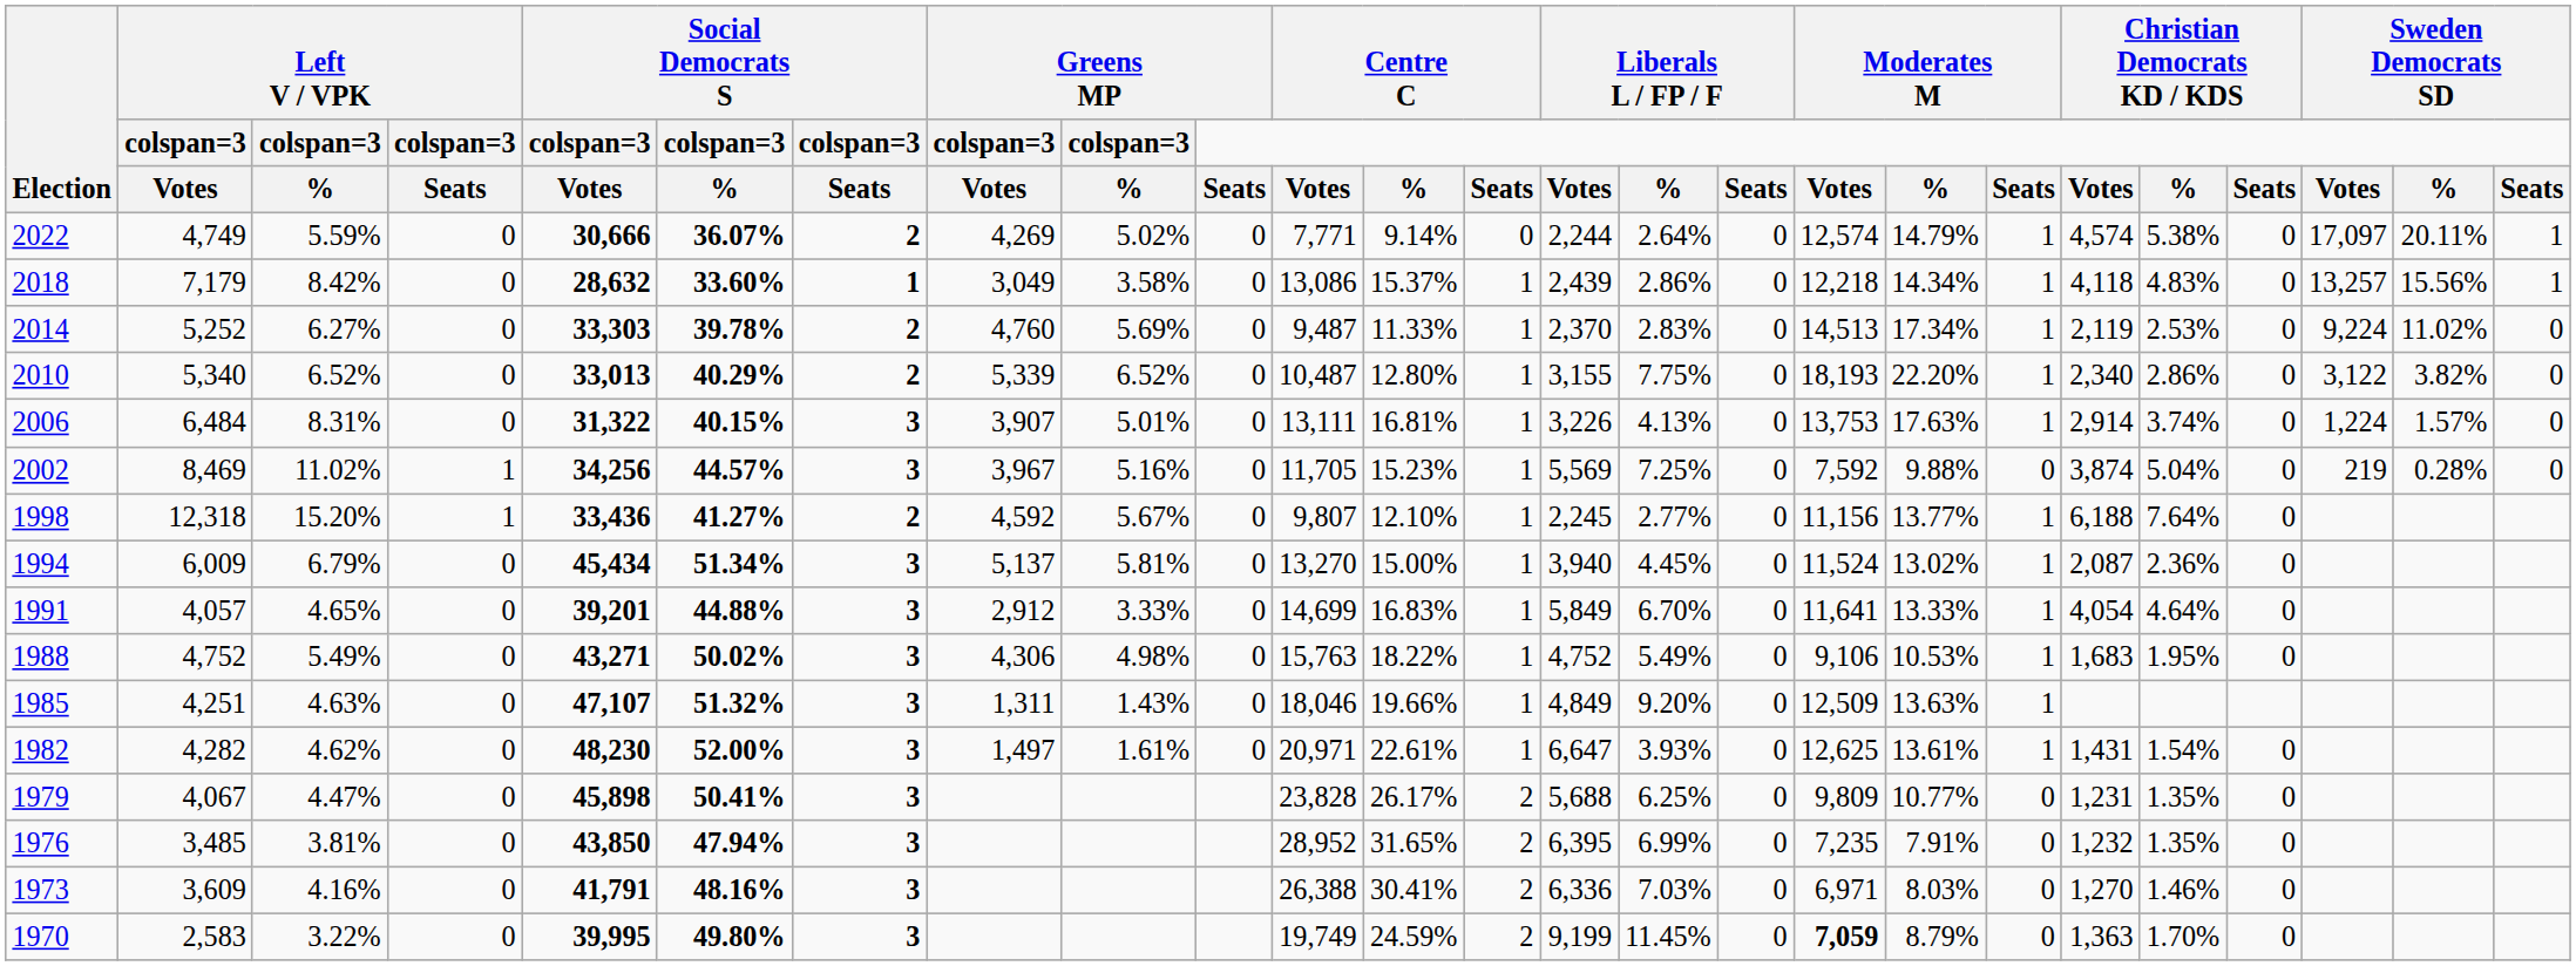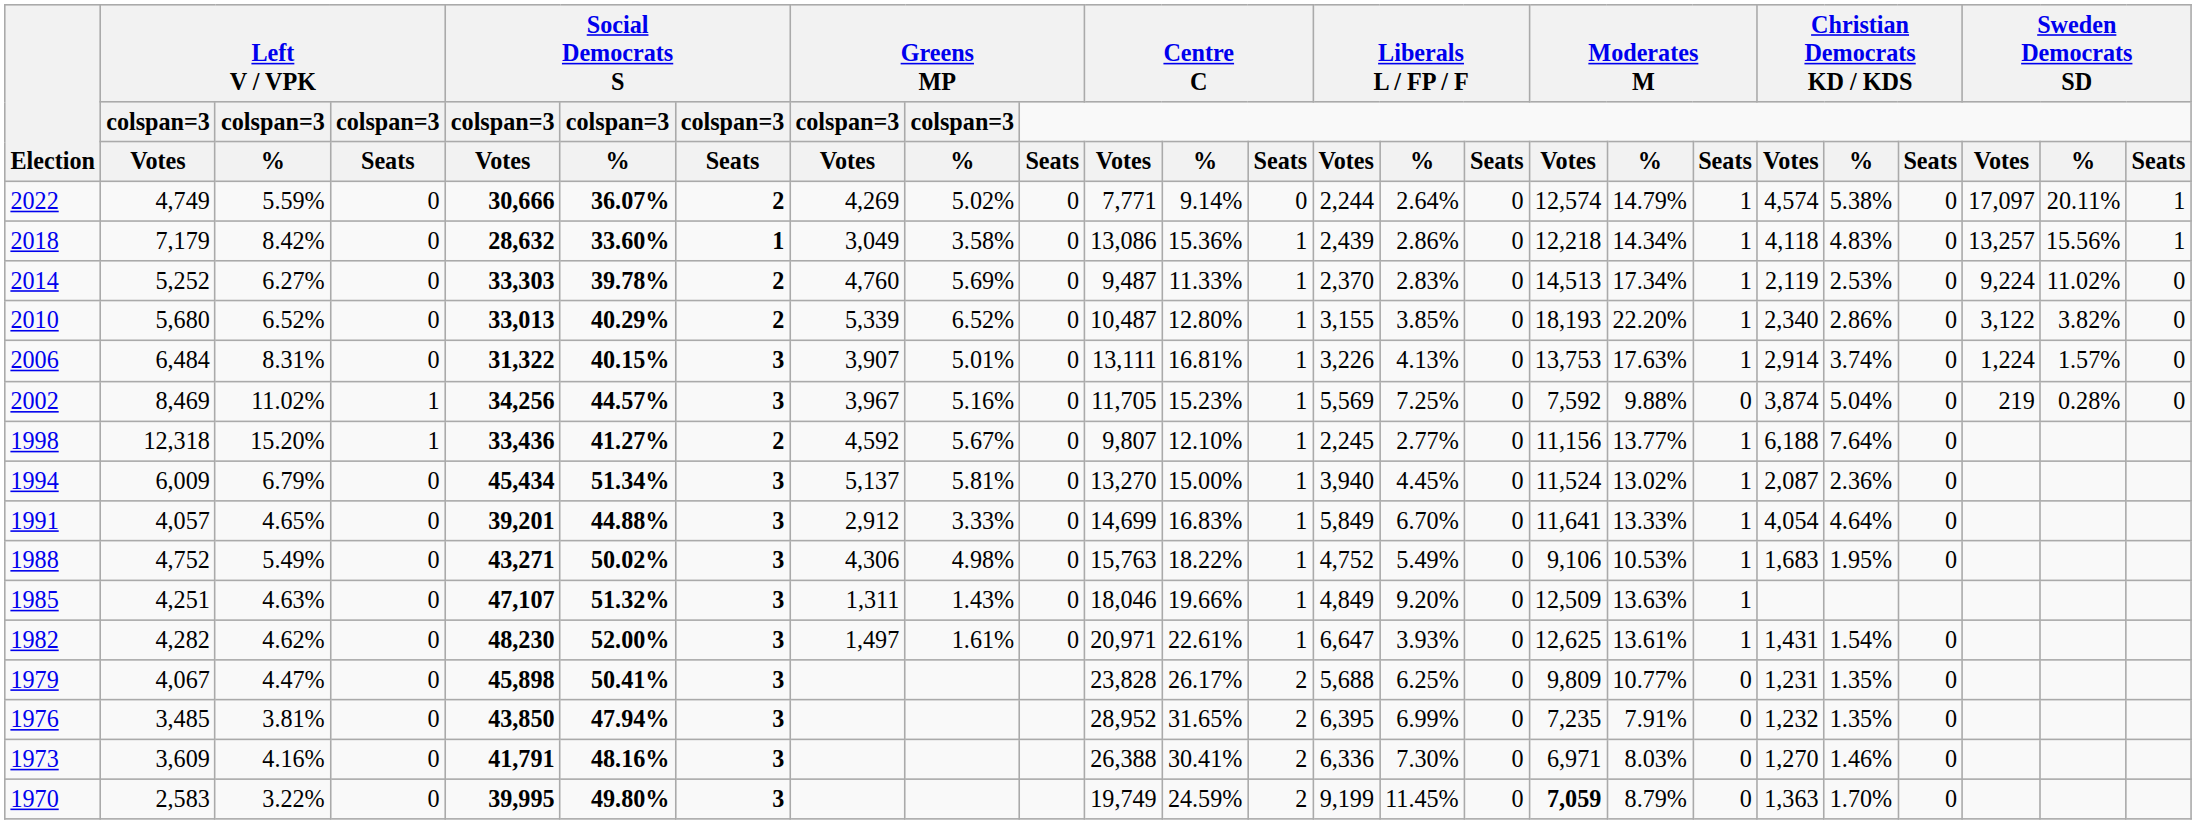 <table class="wikitable" border="1" style="font-size:95%; text-align:right;">
 <tr>
 <th style="text-align:left;" valign=bottom rowspan=3>Election</th>
 <th valign=bottom colspan=3><a href='#'>Left</a><br>V / VPK</th>
 <th valign=bottom colspan=3><a href='#'>Social<br>Democrats</a><br>S</th>
 <th valign=bottom colspan=3><a href='#'>Greens</a><br>MP</th>
 <th valign=bottom colspan=3><a href='#'>Centre</a><br>C</th>
 <th valign=bottom colspan=3><a href='#'>Liberals</a><br>L / FP / F</th>
 <th valign=bottom colspan=3><a href='#'>Moderates</a><br>M</th>
 <th valign=bottom colspan=3><a href='#'>Christian<br>Democrats</a><br>KD / KDS</th>
 <th valign=bottom colspan=3><a href='#'>Sweden<br>Democrats</a><br>SD</th>
 </tr>
 <tr>
 <th>colspan=3 </th>
 <th>colspan=3 </th>
 <th>colspan=3 </th>
 <th>colspan=3 </th>
 <th>colspan=3 </th>
 <th>colspan=3 </th>
 <th>colspan=3 </th>
 <th>colspan=3 </th>
 </tr>
 <tr>
 <th>Votes</th>
 <th>%</th>
 <th>Seats</th>
 <th>Votes</th>
 <th>%</th>
 <th>Seats</th>
 <th>Votes</th>
 <th>%</th>
 <th>Seats</th>
 <th>Votes</th>
 <th>%</th>
 <th>Seats</th>
 <th>Votes</th>
 <th>%</th>
 <th>Seats</th>
 <th>Votes</th>
 <th>%</th>
 <th>Seats</th>
 <th>Votes</th>
 <th>%</th>
 <th>Seats</th>
 <th>Votes</th>
 <th>%</th>
 <th>Seats</th>
 </tr>
 <tr>
 <td align=left><a href='#'>2022</a></td>
 <td>4,749</td>
 <td>5.59%</td>
 <td>0</td>
 <td><strong>30,666</strong></td>
 <td><strong>36.07%</strong></td>
 <td><strong>2</strong></td>
 <td>4,269</td>
 <td>5.02%</td>
 <td>0</td>
 <td>7,771</td>
 <td>9.14%</td>
 <td>0</td>
 <td>2,244</td>
 <td>2.64%</td>
 <td>0</td>
 <td>12,574</td>
 <td>14.79%</td>
 <td>1</td>
 <td>4,574</td>
 <td>5.38%</td>
 <td>0</td>
 <td>17,097</td>
 <td>20.11%</td>
 <td>1</td>
 </tr>
 <tr>
 <td align=left><a href='#'>2018</a></td>
 <td>7,179</td>
 <td>8.42%</td>
 <td>0</td>
 <td><strong>28,632</strong></td>
 <td><strong>33.60%</strong></td>
 <td><strong>1</strong></td>
 <td>3,049</td>
 <td>3.58%</td>
 <td>0</td>
 <td>13,086</td>
-<td>15.37%</td>
+<td>15.36%</td>
 <td>1</td>
 <td>2,439</td>
 <td>2.86%</td>
 <td>0</td>
 <td>12,218</td>
 <td>14.34%</td>
 <td>1</td>
 <td>4,118</td>
 <td>4.83%</td>
 <td>0</td>
 <td>13,257</td>
 <td>15.56%</td>
 <td>1</td>
 </tr>
 <tr>
 <td align=left><a href='#'>2014</a></td>
 <td>5,252</td>
 <td>6.27%</td>
 <td>0</td>
 <td><strong>33,303</strong></td>
 <td><strong>39.78%</strong></td>
 <td><strong>2</strong></td>
 <td>4,760</td>
 <td>5.69%</td>
 <td>0</td>
 <td>9,487</td>
 <td>11.33%</td>
 <td>1</td>
 <td>2,370</td>
 <td>2.83%</td>
 <td>0</td>
 <td>14,513</td>
 <td>17.34%</td>
 <td>1</td>
 <td>2,119</td>
 <td>2.53%</td>
 <td>0</td>
 <td>9,224</td>
 <td>11.02%</td>
 <td>0</td>
 </tr>
 <tr>
 <td align=left><a href='#'>2010</a></td>
-<td>5,340</td>
+<td>5,680</td>
 <td>6.52%</td>
 <td>0</td>
 <td><strong>33,013</strong></td>
 <td><strong>40.29%</strong></td>
 <td><strong>2</strong></td>
 <td>5,339</td>
 <td>6.52%</td>
 <td>0</td>
 <td>10,487</td>
 <td>12.80%</td>
 <td>1</td>
 <td>3,155</td>
-<td>7.75%</td>
+<td>3.85%</td>
 <td>0</td>
 <td>18,193</td>
 <td>22.20%</td>
 <td>1</td>
 <td>2,340</td>
 <td>2.86%</td>
 <td>0</td>
 <td>3,122</td>
 <td>3.82%</td>
 <td>0</td>
 </tr>
 <tr>
 <td align=left><a href='#'>2006</a></td>
 <td>6,484</td>
 <td>8.31%</td>
 <td>0</td>
 <td><strong>31,322</strong></td>
 <td><strong>40.15%</strong></td>
 <td><strong>3</strong></td>
 <td>3,907</td>
 <td>5.01%</td>
 <td>0</td>
 <td>13,111</td>
 <td>16.81%</td>
 <td>1</td>
 <td>3,226</td>
 <td>4.13%</td>
 <td>0</td>
 <td>13,753</td>
 <td>17.63%</td>
 <td>1</td>
 <td>2,914</td>
 <td>3.74%</td>
 <td>0</td>
 <td>1,224</td>
 <td>1.57%</td>
 <td>0</td>
 </tr>
 <tr>
 <td align=left><a href='#'>2002</a></td>
 <td>8,469</td>
 <td>11.02%</td>
 <td>1</td>
 <td><strong>34,256</strong></td>
 <td><strong>44.57%</strong></td>
 <td><strong>3</strong></td>
 <td>3,967</td>
 <td>5.16%</td>
 <td>0</td>
 <td>11,705</td>
 <td>15.23%</td>
 <td>1</td>
 <td>5,569</td>
 <td>7.25%</td>
 <td>0</td>
 <td>7,592</td>
 <td>9.88%</td>
 <td>0</td>
 <td>3,874</td>
 <td>5.04%</td>
 <td>0</td>
 <td>219</td>
 <td>0.28%</td>
 <td>0</td>
 </tr>
 <tr>
 <td align=left><a href='#'>1998</a></td>
 <td>12,318</td>
 <td>15.20%</td>
 <td>1</td>
 <td><strong>33,436</strong></td>
 <td><strong>41.27%</strong></td>
 <td><strong>2</strong></td>
 <td>4,592</td>
 <td>5.67%</td>
 <td>0</td>
 <td>9,807</td>
 <td>12.10%</td>
 <td>1</td>
 <td>2,245</td>
 <td>2.77%</td>
 <td>0</td>
 <td>11,156</td>
 <td>13.77%</td>
 <td>1</td>
 <td>6,188</td>
 <td>7.64%</td>
 <td>0</td>
 <td></td>
 <td></td>
 <td></td>
 </tr>
 <tr>
 <td align=left><a href='#'>1994</a></td>
 <td>6,009</td>
 <td>6.79%</td>
 <td>0</td>
 <td><strong>45,434</strong></td>
 <td><strong>51.34%</strong></td>
 <td><strong>3</strong></td>
 <td>5,137</td>
 <td>5.81%</td>
 <td>0</td>
 <td>13,270</td>
 <td>15.00%</td>
 <td>1</td>
 <td>3,940</td>
 <td>4.45%</td>
 <td>0</td>
 <td>11,524</td>
 <td>13.02%</td>
 <td>1</td>
 <td>2,087</td>
 <td>2.36%</td>
 <td>0</td>
 <td></td>
 <td></td>
 <td></td>
 </tr>
 <tr>
 <td align=left><a href='#'>1991</a></td>
 <td>4,057</td>
 <td>4.65%</td>
 <td>0</td>
 <td><strong>39,201</strong></td>
 <td><strong>44.88%</strong></td>
 <td><strong>3</strong></td>
 <td>2,912</td>
 <td>3.33%</td>
 <td>0</td>
 <td>14,699</td>
 <td>16.83%</td>
 <td>1</td>
 <td>5,849</td>
 <td>6.70%</td>
 <td>0</td>
 <td>11,641</td>
 <td>13.33%</td>
 <td>1</td>
 <td>4,054</td>
 <td>4.64%</td>
 <td>0</td>
 <td></td>
 <td></td>
 <td></td>
 </tr>
 <tr>
 <td align=left><a href='#'>1988</a></td>
 <td>4,752</td>
 <td>5.49%</td>
 <td>0</td>
 <td><strong>43,271</strong></td>
 <td><strong>50.02%</strong></td>
 <td><strong>3</strong></td>
 <td>4,306</td>
 <td>4.98%</td>
 <td>0</td>
 <td>15,763</td>
 <td>18.22%</td>
 <td>1</td>
 <td>4,752</td>
 <td>5.49%</td>
 <td>0</td>
 <td>9,106</td>
 <td>10.53%</td>
 <td>1</td>
 <td>1,683</td>
 <td>1.95%</td>
 <td>0</td>
 <td></td>
 <td></td>
 <td></td>
 </tr>
 <tr>
 <td align=left><a href='#'>1985</a></td>
 <td>4,251</td>
 <td>4.63%</td>
 <td>0</td>
 <td><strong>47,107</strong></td>
 <td><strong>51.32%</strong></td>
 <td><strong>3</strong></td>
 <td>1,311</td>
 <td>1.43%</td>
 <td>0</td>
 <td>18,046</td>
 <td>19.66%</td>
 <td>1</td>
 <td>4,849</td>
 <td>9.20%</td>
 <td>0</td>
 <td>12,509</td>
 <td>13.63%</td>
 <td>1</td>
 <td></td>
 <td></td>
 <td></td>
 <td></td>
 <td></td>
 <td></td>
 </tr>
 <tr>
 <td align=left><a href='#'>1982</a></td>
 <td>4,282</td>
 <td>4.62%</td>
 <td>0</td>
 <td><strong>48,230</strong></td>
 <td><strong>52.00%</strong></td>
 <td><strong>3</strong></td>
 <td>1,497</td>
 <td>1.61%</td>
 <td>0</td>
 <td>20,971</td>
 <td>22.61%</td>
 <td>1</td>
 <td>6,647</td>
 <td>3.93%</td>
 <td>0</td>
 <td>12,625</td>
 <td>13.61%</td>
 <td>1</td>
 <td>1,431</td>
 <td>1.54%</td>
 <td>0</td>
 <td></td>
 <td></td>
 <td></td>
 </tr>
 <tr>
 <td align=left><a href='#'>1979</a></td>
 <td>4,067</td>
 <td>4.47%</td>
 <td>0</td>
 <td><strong>45,898</strong></td>
 <td><strong>50.41%</strong></td>
 <td><strong>3</strong></td>
 <td></td>
 <td></td>
 <td></td>
 <td>23,828</td>
 <td>26.17%</td>
 <td>2</td>
 <td>5,688</td>
 <td>6.25%</td>
 <td>0</td>
 <td>9,809</td>
 <td>10.77%</td>
 <td>0</td>
 <td>1,231</td>
 <td>1.35%</td>
 <td>0</td>
 <td></td>
 <td></td>
 <td></td>
 </tr>
 <tr>
 <td align=left><a href='#'>1976</a></td>
 <td>3,485</td>
 <td>3.81%</td>
 <td>0</td>
 <td><strong>43,850</strong></td>
 <td><strong>47.94%</strong></td>
 <td><strong>3</strong></td>
 <td></td>
 <td></td>
 <td></td>
 <td>28,952</td>
 <td>31.65%</td>
 <td>2</td>
 <td>6,395</td>
 <td>6.99%</td>
 <td>0</td>
 <td>7,235</td>
 <td>7.91%</td>
 <td>0</td>
 <td>1,232</td>
 <td>1.35%</td>
 <td>0</td>
 <td></td>
 <td></td>
 <td></td>
 </tr>
 <tr>
 <td align=left><a href='#'>1973</a></td>
 <td>3,609</td>
 <td>4.16%</td>
 <td>0</td>
 <td><strong>41,791</strong></td>
 <td><strong>48.16%</strong></td>
 <td><strong>3</strong></td>
 <td></td>
 <td></td>
 <td></td>
 <td>26,388</td>
 <td>30.41%</td>
 <td>2</td>
 <td>6,336</td>
-<td>7.03%</td>
+<td>7.30%</td>
 <td>0</td>
 <td>6,971</td>
 <td>8.03%</td>
 <td>0</td>
 <td>1,270</td>
 <td>1.46%</td>
 <td>0</td>
 <td></td>
 <td></td>
 <td></td>
 </tr>
 <tr>
 <td align=left><a href='#'>1970</a></td>
 <td>2,583</td>
 <td>3.22%</td>
 <td>0</td>
 <td><strong>39,995</strong></td>
 <td><strong>49.80%</strong></td>
 <td><strong>3</strong></td>
 <td></td>
 <td></td>
 <td></td>
 <td>19,749</td>
 <td>24.59%</td>
 <td>2</td>
 <td>9,199</td>
 <td>11.45%</td>
 <td>0</td>
 <td><strong>7,059</strong></td>
 <td>8.79%</td>
 <td>0</td>
 <td>1,363</td>
 <td>1.70%</td>
 <td>0</td>
 <td></td>
 <td></td>
 <td></td>
 </tr>
 </table>
